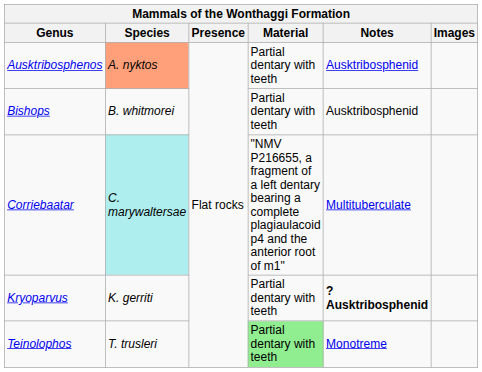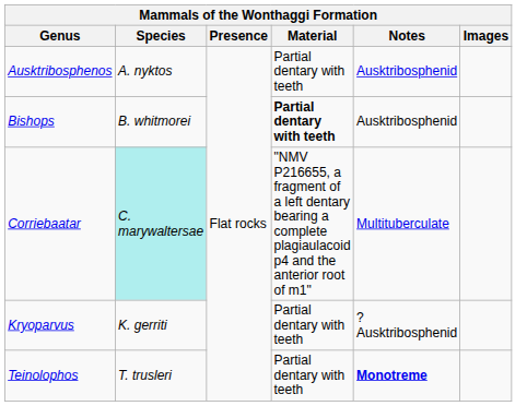 <table class="wikitable" align="center">
 <tr>
 <th colspan="6" align="center"><strong>Mammals of the Wonthaggi Formation</strong></th>
 </tr>
 <tr>
 <th>Genus</th>
 <th>Species</th>
 <th>Presence</th>
 <th>Material</th>
 <th>Notes</th>
 <th>Images</th>
 </tr>
 <tr>
 <td><em><a href='#'>Ausktribosphenos</a></em></td>
-<td style="background: lightsalmon;"><em>A. nyktos</em></td>
+<td><em>A. nyktos</em></td>
 <td rowspan="5">Flat rocks</td>
 <td>Partial dentary with teeth</td>
 <td><a href='#'>Ausktribosphenid</a></td>
 <td></td>
 </tr>
 <tr>
 <td><a href='#'><em>Bishops</em></a></td>
 <td><em>B. whitmorei</em></td>
-<td>Partial dentary with teeth</td>
+<td><strong>Partial dentary with teeth</strong></td>
 <td>Ausktribosphenid</td>
 <td></td>
 </tr>
 <tr>
 <td><em><a href='#'>Corriebaatar</a></em></td>
 <td style="background: paleturquoise;"><em>C. marywaltersae</em></td>
 <td>"NMV P216655, a fragment of a left dentary bearing a complete plagiaulacoid p4 and the anterior root of m1"</td>
 <td><a href='#'>Multituberculate</a></td>
 <td></td>
 </tr>
 <tr>
 <td><em><a href='#'>Kryoparvus</a></em></td>
 <td><em>K. gerriti</em></td>
 <td>Partial dentary with teeth</td>
-<td><strong>?Ausktribosphenid</strong></td>
+<td>?Ausktribosphenid</td>
 <td></td>
 </tr>
 <tr>
 <td><em><a href='#'>Teinolophos</a></em></td>
 <td><em>T. trusleri</em></td>
-<td style="background: lightgreen;">Partial dentary with teeth</td>
-<td><a href='#'>Monotreme</a></td>
+<td>Partial dentary with teeth</td>
+<td><strong><a href='#'>Monotreme</a></strong></td>
 <td></td>
 </tr>
 </table>
